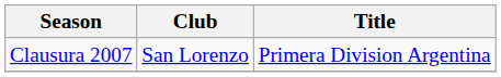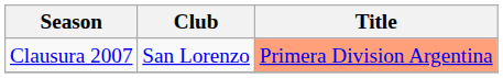 <table class="wikitable">
 <tr>
 <th>Season</th>
 <th>Club</th>
 <th>Title</th>
 </tr>
 <tr>
 <td><a href='#'>Clausura 2007</a></td>
 <td><a href='#'>San Lorenzo</a></td>
-<td><a href='#'>Primera Division Argentina</a></td>
+<td style="background: lightsalmon;"><a href='#'>Primera Division Argentina</a></td>
 </tr>
 <tr>
 </tr>
 </table>
